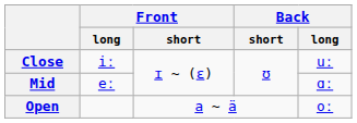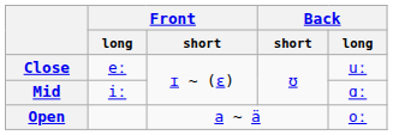 <table class="wikitable" style="text-align:center; width:25em;">
 <tr>
 <th rowspan="2"></th>
 <th colspan="2"><a href='#'>Front</a></th>
 <th colspan="2"><a href='#'>Back</a></th>
 </tr>
 <tr>
 <th><small>long</small></th>
 <th><small>short</small></th>
 <th><small>short</small></th>
 <th><small>long</small></th>
 </tr>
 <tr>
 <th><a href='#'>Close</a></th>
-<td><a href='#'>iː</a></td>
+<td><a href='#'>eː</a></td>
 <td rowspan="2"><a href='#'>ɪ</a> ~ (<a href='#'>ɛ</a>)</td>
 <td rowspan="2"><a href='#'>ʊ</a></td>
 <td><a href='#'>uː</a></td>
 </tr>
 <tr>
 <th><a href='#'>Mid</a></th>
-<td><a href='#'>eː</a></td>
+<td><a href='#'>iː</a></td>
 <td><a href='#'>ɑː</a></td>
 </tr>
 <tr>
 <th><a href='#'>Open</a></th>
 <td></td>
 <td colspan="2"><a href='#'>a</a> ~ <a href='#'>ä</a></td>
 <td><a href='#'>oː</a></td>
 </tr>
 </table>
